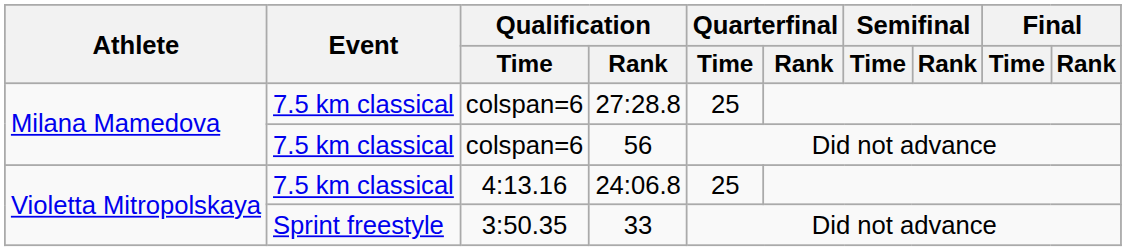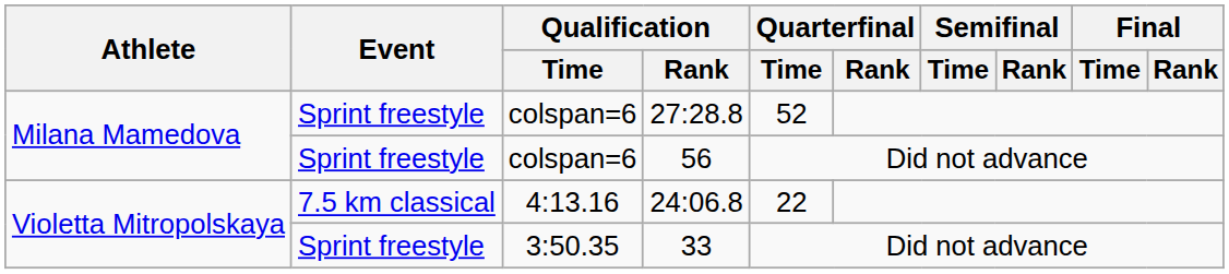 <table class="wikitable" style="font-size:90%">
 <tr>
 <th rowspan="2">Athlete</th>
 <th rowspan="2">Event</th>
 <th colspan="2">Qualification</th>
 <th colspan="2">Quarterfinal</th>
 <th colspan="2">Semifinal</th>
 <th colspan="2">Final</th>
 </tr>
 <tr style="font-size:95%">
 <th>Time</th>
 <th>Rank</th>
 <th>Time</th>
 <th>Rank</th>
 <th>Time</th>
 <th>Rank</th>
 <th>Time</th>
 <th>Rank</th>
 </tr>
 <tr align=center>
 <td align=left rowspan=2><a href='#'>Milana Mamedova</a></td>
-<td align=left><a href='#'>7.5 km classical</a></td>
+<td align=left><a href='#'>Sprint freestyle</a></td>
 <td>colspan=6</td>
 <td>27:28.8</td>
-<td>25</td>
+<td>52</td>
 </tr>
 <tr align=center>
-<td align=left><a href='#'>7.5 km classical</a></td>
+<td align=left><a href='#'>Sprint freestyle</a></td>
 <td>colspan=6</td>
 <td>56</td>
 <td colspan=6>Did not advance</td>
 </tr>
 <tr align=center>
 <td align=left rowspan=2><a href='#'>Violetta Mitropolskaya</a></td>
 <td align=left><a href='#'>7.5 km classical</a></td>
 <td>4:13.16</td>
 <td>24:06.8</td>
-<td>25</td>
+<td>22</td>
 </tr>
 <tr align=center>
 <td align=left><a href='#'>Sprint freestyle</a></td>
 <td>3:50.35</td>
 <td>33</td>
 <td colspan=6>Did not advance</td>
 </tr>
 </table>
